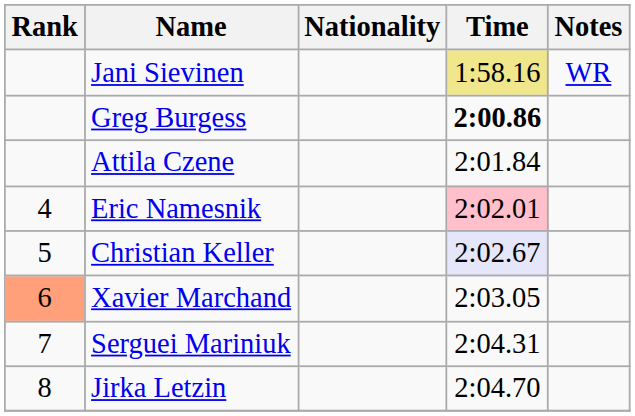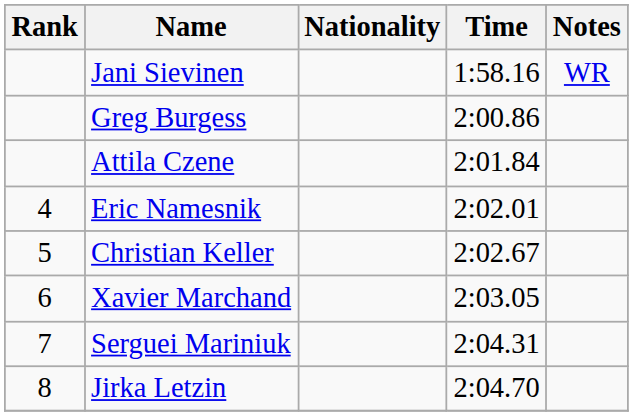 <table class="wikitable" style="text-align:center">
 <tr>
 <th>Rank</th>
 <th>Name</th>
 <th>Nationality</th>
 <th>Time</th>
 <th>Notes</th>
 </tr>
 <tr>
 <td></td>
 <td align=left><a href='#'>Jani Sievinen</a></td>
 <td align=left></td>
-<td style="background: khaki;">1:58.16</td>
+<td>1:58.16</td>
 <td><a href='#'>WR</a></td>
 </tr>
 <tr>
 <td></td>
 <td align=left><a href='#'>Greg Burgess</a></td>
 <td align=left></td>
-<td><strong>2:00.86</strong></td>
+<td>2:00.86</td>
 <td></td>
 </tr>
 <tr>
 <td></td>
 <td align=left><a href='#'>Attila Czene</a></td>
 <td align=left></td>
 <td>2:01.84</td>
 <td></td>
 </tr>
 <tr>
 <td>4</td>
 <td align=left><a href='#'>Eric Namesnik</a></td>
 <td align=left></td>
-<td style="background: pink;">2:02.01</td>
+<td>2:02.01</td>
 <td></td>
 </tr>
 <tr>
 <td>5</td>
 <td align=left><a href='#'>Christian Keller</a></td>
 <td align=left></td>
-<td style="background: lavender;">2:02.67</td>
+<td>2:02.67</td>
 <td></td>
 </tr>
 <tr>
-<td style="background: lightsalmon;">6</td>
+<td>6</td>
 <td align=left><a href='#'>Xavier Marchand</a></td>
 <td align=left></td>
 <td>2:03.05</td>
 <td></td>
 </tr>
 <tr>
 <td>7</td>
 <td align=left><a href='#'>Serguei Mariniuk</a></td>
 <td align=left></td>
 <td>2:04.31</td>
 <td></td>
 </tr>
 <tr>
 <td>8</td>
 <td align=left><a href='#'>Jirka Letzin</a></td>
 <td align=left></td>
 <td>2:04.70</td>
 <td></td>
 </tr>
 <tr>
 </tr>
 </table>
